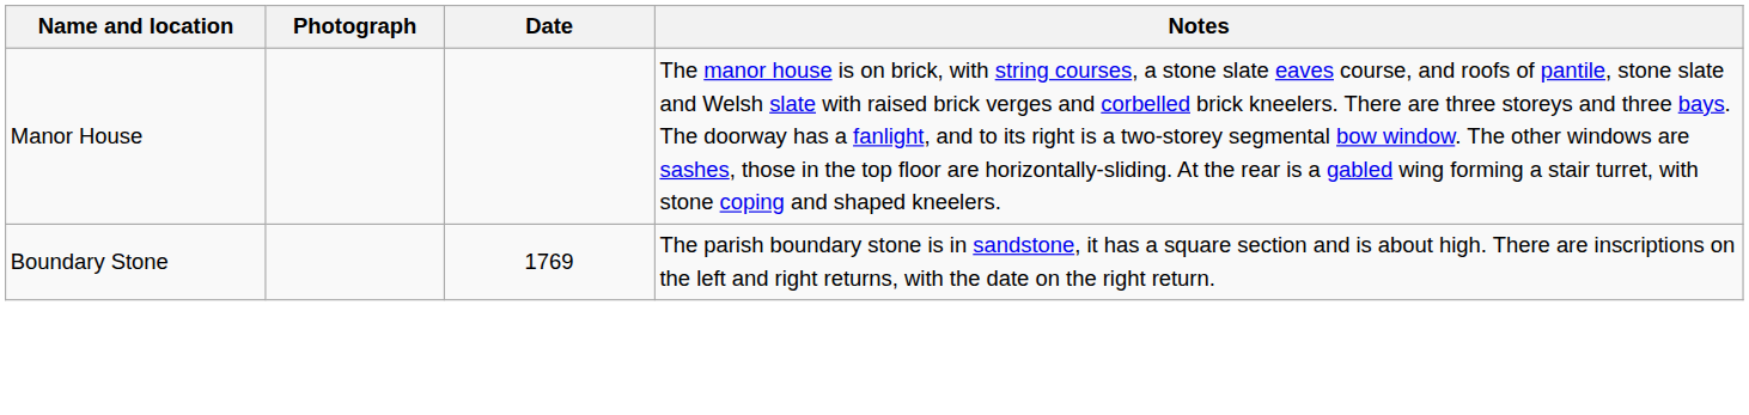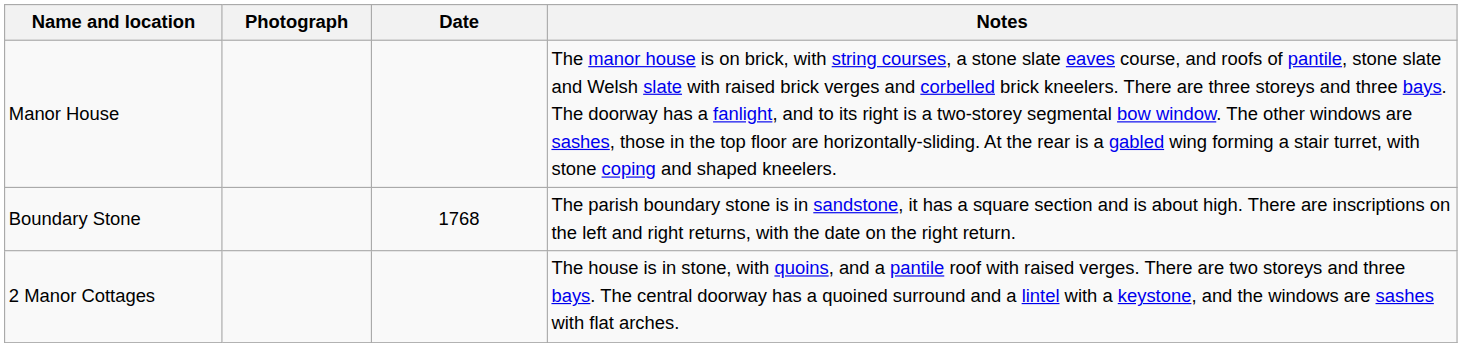 <table class="wikitable sortable plainrowheaders" style="width:100%;border:0px;text-align:left;line-height:150%;">
 <tr>
 <th scope="col"  style="width:150px">Name and location</th>
 <th scope="col"  style="width:100px" class="unsortable">Photograph</th>
 <th scope="col"  style="width:120px">Date</th>
 <th scope="col"  style="width:650px" class ="unsortable">Notes</th>
 </tr>
 <tr>
 <td>Manor House<br><small></small></td>
 <td></td>
 <td align="center"></td>
 <td>The <a href='#'>manor house</a> is on brick, with <a href='#'>string courses</a>,  a stone slate <a href='#'>eaves</a> course, and roofs of <a href='#'>pantile</a>, stone slate and Welsh <a href='#'>slate</a> with raised brick verges and <a href='#'>corbelled</a> brick kneelers.  There are three storeys and three <a href='#'>bays</a>.  The doorway has a <a href='#'>fanlight</a>, and to its right is a two-storey segmental <a href='#'>bow window</a>.  The other windows are <a href='#'>sashes</a>, those in the top floor are horizontally-sliding.  At the rear is a <a href='#'>gabled</a> wing forming a stair turret, with stone <a href='#'>coping</a> and shaped kneelers.</td>
 </tr>
 <tr>
 <td>Boundary Stone<br><small></small></td>
 <td></td>
-<td align="center">1769</td>
+<td align="center">1768</td>
 <td>The parish boundary stone is in <a href='#'>sandstone</a>, it has a square section and is about  high.  There are inscriptions on the left and right returns, with the date on the right return.</td>
+</tr>
+<tr>
+<td>2 Manor Cottages<br><small></small></td>
+<td></td>
+<td align="center"></td>
+<td>The house is in stone, with <a href='#'>quoins</a>, and a <a href='#'>pantile</a> roof with raised verges.  There are two storeys and three <a href='#'>bays</a>.  The central doorway has a quoined surround and a <a href='#'>lintel</a> with a <a href='#'>keystone</a>, and the windows are <a href='#'>sashes</a> with flat arches.</td>
 </tr>
 <tr>
 </tr>
 </table>
